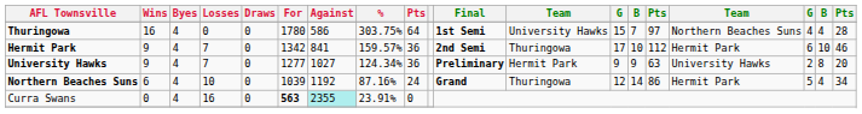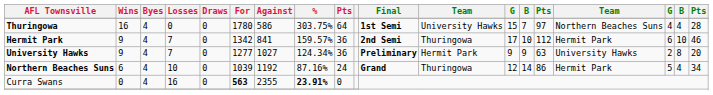 <table class="wikitable" style="font-size: 85%; text-align: left">
 <tr>
 <th style="color:crimson">AFL Townsville</th>
 <th style="color:crimson">Wins</th>
 <th style="color:crimson">Byes</th>
 <th style="color:crimson">Losses</th>
 <th style="color:crimson">Draws</th>
 <th style="color:crimson">For</th>
 <th style="color:crimson">Against</th>
 <th style="color:crimson">%</th>
 <th style="color:crimson">Pts</th>
 <th></th>
 <th style="color:green">Final</th>
 <th style="color:green">Team</th>
 <th style="color:green">G</th>
 <th style="color:green">B</th>
 <th style="color:green">Pts</th>
 <th style="color:green">Team</th>
 <th style="color:green">G</th>
 <th style="color:green">B</th>
 <th style="color:green">Pts</th>
 </tr>
 <tr>
 </tr>
 <tr>
 </tr>
 <tr>
 <td><strong>	Thuringowa	</strong></td>
 <td>16</td>
 <td>4</td>
 <td>0</td>
 <td>0</td>
 <td>1780</td>
 <td>586</td>
 <td>303.75%</td>
 <td>64</td>
 <td></td>
 <td><strong>1st Semi</strong></td>
 <td>University Hawks</td>
 <td>15</td>
 <td>7</td>
 <td>97</td>
 <td>Northern Beaches Suns</td>
 <td>4</td>
 <td>4</td>
 <td>28</td>
 </tr>
 <tr>
 <td><strong>	Hermit Park	</strong></td>
 <td>9</td>
 <td>4</td>
 <td>7</td>
 <td>0</td>
 <td>1342</td>
 <td>841</td>
 <td>159.57%</td>
 <td>36</td>
 <td></td>
 <td><strong>2nd Semi</strong></td>
 <td>Thuringowa</td>
 <td>17</td>
 <td>10</td>
 <td>112</td>
 <td>Hermit Park</td>
 <td>6</td>
 <td>10</td>
 <td>46</td>
 </tr>
 <tr>
 <td><strong>	University Hawks	</strong></td>
 <td>9</td>
 <td>4</td>
 <td>7</td>
 <td>0</td>
 <td>1277</td>
 <td>1027</td>
 <td>124.34%</td>
 <td>36</td>
 <td></td>
 <td><strong>Preliminary</strong></td>
 <td>Hermit Park</td>
 <td>9</td>
 <td>9</td>
 <td>63</td>
 <td>University Hawks</td>
 <td>2</td>
 <td>8</td>
 <td>20</td>
 </tr>
 <tr>
 <td><strong>	Northern Beaches Suns	</strong></td>
 <td>6</td>
 <td>4</td>
 <td>10</td>
 <td>0</td>
 <td>1039</td>
 <td>1192</td>
 <td>87.16%</td>
 <td>24</td>
 <td></td>
 <td><strong>Grand</strong></td>
 <td>Thuringowa</td>
 <td>12</td>
 <td>14</td>
 <td>86</td>
 <td>Hermit Park</td>
 <td>5</td>
 <td>4</td>
 <td>34</td>
 </tr>
 <tr>
 <td>Curra Swans</td>
 <td>0</td>
 <td>4</td>
 <td>16</td>
 <td>0</td>
 <td><strong>563</strong></td>
-<td style="background: paleturquoise;">2355</td>
-<td>23.91%</td>
+<td>2355</td>
+<td><strong>23.91%</strong></td>
 <td>0</td>
 <td></td>
 </tr>
 <tr>
 </tr>
 </table>
